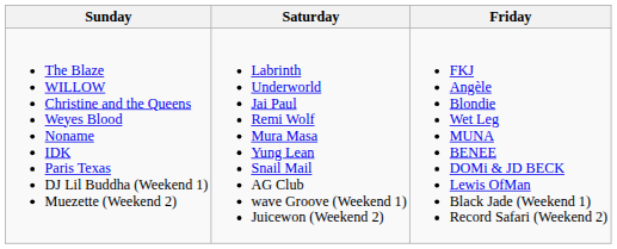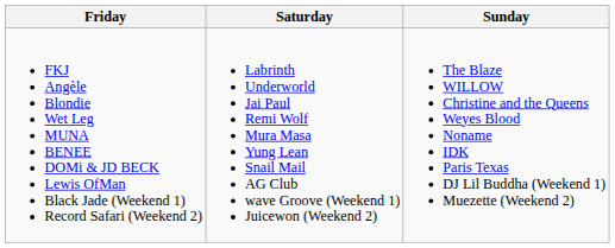 <table class="wikitable">
 <tr>
+<th>Friday</th>
+<th>Saturday</th>
 <th>Sunday</th>
-<th>Saturday</th>
-<th>Friday</th>
 </tr>
 <tr valign="top">
+<td><br><ul><li><a href='#'>FKJ</a></li><li><a href='#'>Angèle</a></li><li><a href='#'>Blondie</a></li><li><a href='#'>Wet Leg</a></li><li><a href='#'>MUNA</a></li><li><a href='#'>BENEE</a></li><li><a href='#'>DOMi & JD BECK</a></li><li><a href='#'>Lewis OfMan</a></li><li>Black Jade (Weekend 1)</li><li>Record Safari (Weekend 2)</li></ul></td>
+<td><br><ul><li><a href='#'>Labrinth</a></li><li><a href='#'>Underworld</a></li><li><a href='#'>Jai Paul</a></li><li><a href='#'>Remi Wolf</a></li><li><a href='#'>Mura Masa</a></li><li><a href='#'>Yung Lean</a></li><li><a href='#'>Snail Mail</a></li><li>AG Club</li><li>wave Groove (Weekend 1)</li><li>Juicewon (Weekend 2)</li></ul></td>
 <td><br><ul><li><a href='#'>The Blaze</a></li><li><a href='#'>WILLOW</a></li><li><a href='#'>Christine and the Queens</a></li><li><a href='#'>Weyes Blood</a></li><li><a href='#'>Noname</a></li><li><a href='#'>IDK</a></li><li><a href='#'>Paris Texas</a></li><li>DJ Lil Buddha (Weekend 1)</li><li>Muezette (Weekend 2)</li></ul></td>
-<td><br><ul><li><a href='#'>Labrinth</a></li><li><a href='#'>Underworld</a></li><li><a href='#'>Jai Paul</a></li><li><a href='#'>Remi Wolf</a></li><li><a href='#'>Mura Masa</a></li><li><a href='#'>Yung Lean</a></li><li><a href='#'>Snail Mail</a></li><li>AG Club</li><li>wave Groove (Weekend 1)</li><li>Juicewon (Weekend 2)</li></ul></td>
-<td><br><ul><li><a href='#'>FKJ</a></li><li><a href='#'>Angèle</a></li><li><a href='#'>Blondie</a></li><li><a href='#'>Wet Leg</a></li><li><a href='#'>MUNA</a></li><li><a href='#'>BENEE</a></li><li><a href='#'>DOMi & JD BECK</a></li><li><a href='#'>Lewis OfMan</a></li><li>Black Jade (Weekend 1)</li><li>Record Safari (Weekend 2)</li></ul></td>
 </tr>
 </table>
